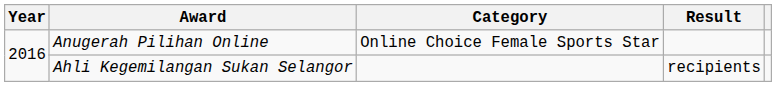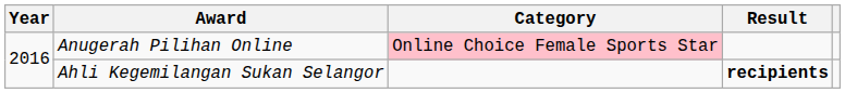 <table class=wikitable>
 <tr>
 <th>Year</th>
 <th>Award</th>
 <th>Category</th>
 <th>Result</th>
 <th></th>
 </tr>
 <tr>
 <td rowspan="2">2016</td>
 <td><em>Anugerah Pilihan Online</em></td>
-<td>Online Choice Female Sports Star</td>
+<td style="background: pink;">Online Choice Female Sports Star</td>
 <td></td>
 <td></td>
 </tr>
 <tr>
 <td><em>Ahli Kegemilangan Sukan Selangor</em></td>
 <td></td>
-<td>recipients</td>
+<td><strong>recipients</strong></td>
 <td></td>
 </tr>
 </table>
